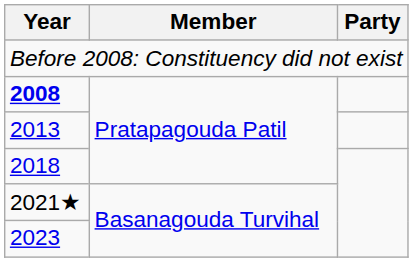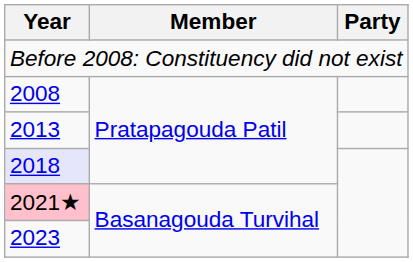 <table class="wikitable sortable">
 <tr>
 <th>Year</th>
 <th>Member</th>
 <th colspan="2">Party</th>
 </tr>
 <tr>
 <td colspan=4><em>Before 2008: Constituency did not exist</em></td>
 </tr>
 <tr>
-<td><strong><a href='#'>2008</a></strong></td>
+<td><a href='#'>2008</a></td>
 <td rowspan=3><a href='#'>Pratapagouda Patil</a></td>
 <td></td>
 </tr>
 <tr>
 <td><a href='#'>2013</a></td>
 <td></td>
 </tr>
 <tr>
-<td><a href='#'>2018</a></td>
+<td style="background: lavender;"><a href='#'>2018</a></td>
 </tr>
 <tr>
-<td>2021★</td>
+<td style="background: pink;">2021★</td>
 <td rowspan=2><a href='#'>Basanagouda Turvihal</a></td>
 </tr>
 <tr>
 <td><a href='#'>2023</a></td>
 </tr>
 </table>
